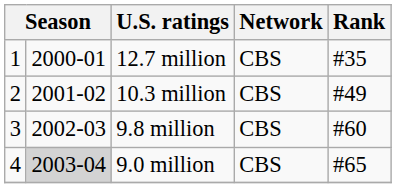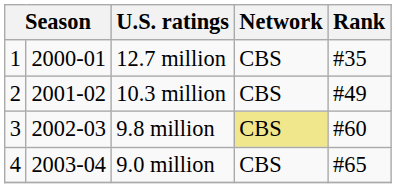 <table class="wikitable">
 <tr>
 <th colspan="2">Season</th>
 <th>U.S. ratings</th>
 <th>Network</th>
 <th>Rank</th>
 </tr>
 <tr>
 <td>1</td>
 <td>2000-01</td>
 <td>12.7 million</td>
 <td>CBS</td>
 <td>#35</td>
 </tr>
 <tr>
 <td>2</td>
 <td>2001-02</td>
 <td>10.3 million</td>
 <td>CBS</td>
 <td>#49</td>
 </tr>
 <tr>
 <td>3</td>
 <td>2002-03</td>
 <td>9.8 million</td>
-<td>CBS</td>
+<td style="background: khaki;">CBS</td>
 <td>#60</td>
 </tr>
 <tr>
 <td>4</td>
-<td style="background: lightgrey;">2003-04</td>
+<td>2003-04</td>
 <td>9.0 million</td>
 <td>CBS</td>
 <td>#65</td>
 </tr>
 <tr>
 </tr>
 </table>
